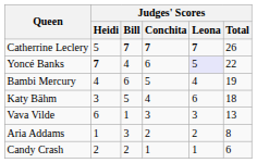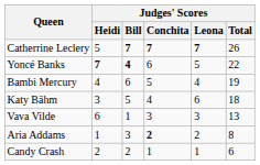 <table class="wikitable">
 <tr>
 <th rowspan="2">Queen</th>
 <th colspan="5">Judges' Scores</th>
 </tr>
 <tr>
 <th>Heidi</th>
 <th>Bill</th>
 <th>Conchita</th>
 <th>Leona</th>
 <th>Total</th>
 </tr>
 <tr>
 <td>Catherrine Leclery</td>
 <td>5</td>
 <td><strong>7</strong></td>
 <td><strong>7</strong></td>
 <td><strong>7</strong></td>
 <td>26</td>
 </tr>
 <tr>
 <td>Yoncé Banks</td>
 <td><strong>7</strong></td>
-<td>4</td>
+<td><strong>4</strong></td>
 <td>6</td>
-<td style="background: lavender;">5</td>
+<td>5</td>
 <td>22</td>
 </tr>
 <tr>
 <td>Bambi Mercury</td>
 <td>4</td>
 <td>6</td>
 <td>5</td>
 <td>4</td>
 <td>19</td>
 </tr>
 <tr>
 <td>Katy Bähm</td>
 <td>3</td>
 <td>5</td>
 <td>4</td>
 <td>6</td>
 <td>18</td>
 </tr>
 <tr>
 <td>Vava Vilde</td>
 <td>6</td>
 <td>1</td>
 <td>3</td>
 <td>3</td>
 <td>13</td>
 </tr>
 <tr>
 <td>Aria Addams</td>
 <td>1</td>
 <td>3</td>
-<td>2</td>
+<td><strong>2</strong></td>
 <td>2</td>
 <td>8</td>
 </tr>
 <tr>
 <td>Candy Crash</td>
 <td>2</td>
 <td>2</td>
 <td>1</td>
 <td>1</td>
 <td>6</td>
 </tr>
 </table>
